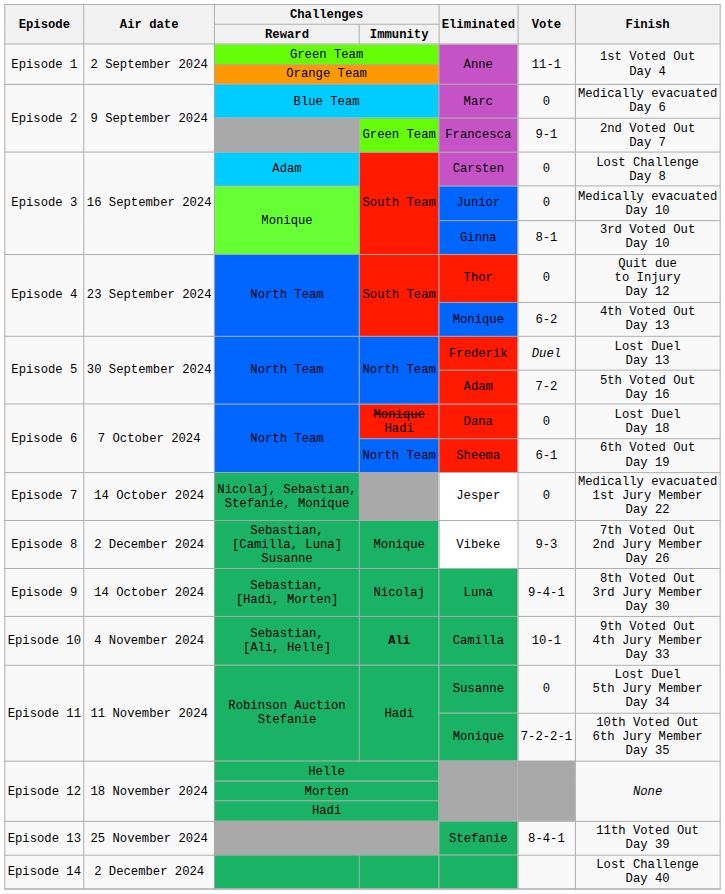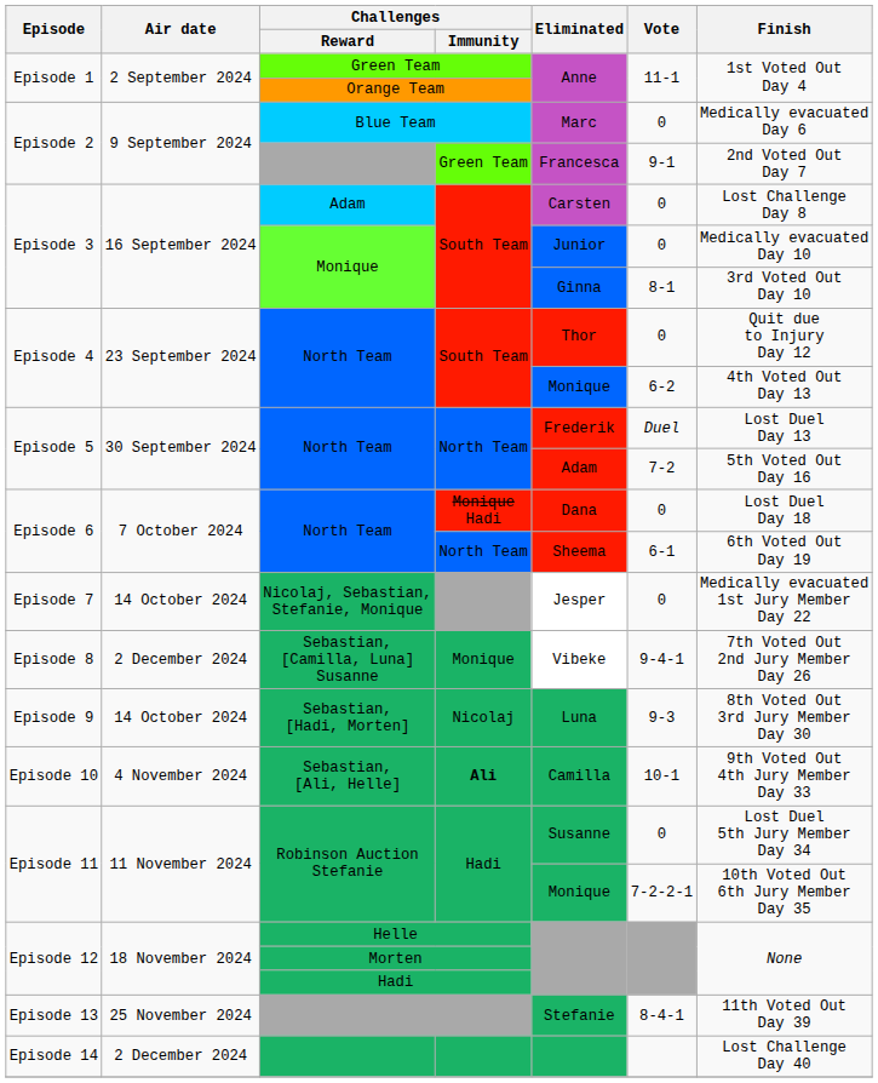 <table class="wikitable" style="margin:auto; text-align:center">
 <tr>
 <th rowspan="2">Episode</th>
 <th rowspan="2">Air date</th>
 <th colspan="2">Challenges</th>
 <th rowspan="2">Eliminated</th>
 <th rowspan="2">Vote</th>
 <th rowspan="2">Finish</th>
 </tr>
 <tr>
 <th>Reward</th>
 <th>Immunity</th>
 </tr>
 <tr>
 <td rowspan="2">Episode 1</td>
 <td rowspan="2">2 September 2024</td>
 <td colspan="2" rowspan="1" bgcolor="#65fe08">Green Team</td>
 <td rowspan="2" bgcolor="#c553c5">Anne</td>
 <td rowspan="2">11-1</td>
 <td rowspan="2">1st Voted Out<br>Day 4</td>
 </tr>
 <tr>
 <td colspan="2" rowspan="1" bgcolor="#ff9900">Orange Team</td>
 </tr>
 <tr>
 <td rowspan="2">Episode 2</td>
 <td rowspan="2">9 September 2024</td>
 <td colspan="2" rowspan="1" bgcolor="#00ccff">Blue Team</td>
 <td rowspan="1" bgcolor="#c553c5">Marc</td>
 <td rowspan="1">0</td>
 <td rowspan="1">Medically evacuated<br>Day 6</td>
 </tr>
 <tr>
 <td rowspan="1" bgcolor="darkgrey"></td>
 <td rowspan="1" bgcolor="#65fe08">Green Team</td>
 <td rowspan="1" bgcolor="#c553c5">Francesca</td>
 <td rowspan="1">9-1</td>
 <td rowspan="1">2nd Voted Out<br>Day 7</td>
 </tr>
 <tr>
 <td rowspan="3">Episode 3</td>
 <td rowspan="3">16 September 2024</td>
 <td rowspan="1" bgcolor="#00ccff">Adam</td>
 <td rowspan="3" bgcolor="#ff1a00">South Team</td>
 <td rowspan="1" bgcolor="#c553c5">Carsten</td>
 <td rowspan="1">0</td>
 <td rowspan="1">Lost Challenge<br>Day 8</td>
 </tr>
 <tr>
 <td rowspan="2" bgcolor="#66ff33">Monique</td>
 <td rowspan="1" bgcolor="#0066ff">Junior</td>
 <td rowspan="1">0</td>
 <td rowspan="1">Medically evacuated<br>Day 10</td>
 </tr>
 <tr>
 <td rowspan="1" bgcolor="#0066ff">Ginna</td>
 <td rowspan="1">8-1</td>
 <td rowspan="1">3rd Voted Out<br>Day 10</td>
 </tr>
 <tr>
 <td rowspan="2">Episode 4</td>
 <td rowspan="2">23 September 2024</td>
 <td rowspan="2" bgcolor="#0066ff">North Team</td>
 <td rowspan="2" bgcolor="#ff1a00">South Team</td>
 <td rowspan="1" bgcolor="#ff1a00">Thor</td>
 <td rowspan="1">0</td>
 <td rowspan="1">Quit due<br>to Injury<br>Day 12</td>
 </tr>
 <tr>
 <td rowspan="1" bgcolor="#0066ff">Monique</td>
 <td rowspan="1">6-2</td>
 <td>4th Voted Out<br>Day 13</td>
 </tr>
 <tr>
 <td rowspan="2">Episode 5</td>
 <td rowspan="2">30 September 2024</td>
 <td rowspan="2" bgcolor="#0066ff">North Team</td>
 <td rowspan="2" bgcolor="#0066ff">North Team</td>
 <td rowspan="1" bgcolor="#ff1a00">Frederik</td>
 <td rowspan="1"><em>Duel</em></td>
 <td rowspan="1">Lost Duel<br>Day 13</td>
 </tr>
 <tr>
 <td rowspan="1" bgcolor="#ff1a00">Adam</td>
 <td rowspan="1">7-2</td>
 <td rowspan="1">5th Voted Out<br>Day 16</td>
 </tr>
 <tr>
 <td rowspan="2">Episode 6</td>
 <td rowspan="2">7 October 2024</td>
 <td rowspan="2" bgcolor="#0066ff">North Team</td>
 <td rowspan="1" bgcolor="#ff1a00"><s>Monique</s><br>Hadi</td>
 <td rowspan="1" bgcolor="#ff1a00">Dana</td>
 <td rowspan="1">0</td>
 <td rowspan="1">Lost Duel<br>Day 18</td>
 </tr>
 <tr>
 <td rowspan="1" bgcolor="#0066ff">North Team</td>
 <td rowspan="1" bgcolor="#ff1a00">Sheema</td>
 <td rowspan="1">6-1</td>
 <td rowspan="1">6th Voted Out<br>Day 19</td>
 </tr>
 <tr>
 <td>Episode 7</td>
 <td>14 October 2024</td>
 <td bgcolor="#1ab366">Nicolaj, Sebastian,<br>Stefanie, Monique</td>
 <td bgcolor="darkgrey"></td>
 <td bgcolor="white">Jesper</td>
 <td>0</td>
 <td>Medically evacuated<br>1st Jury Member<br>Day 22</td>
 </tr>
 <tr>
 <td>Episode 8</td>
 <td>2 December 2024</td>
 <td bgcolor="#1ab366">Sebastian,<br> [Camilla, Luna]<br>Susanne</td>
 <td bgcolor="#1ab366">Monique</td>
 <td bgcolor="white">Vibeke</td>
-<td>9-3</td>
+<td>9-4-1</td>
 <td>7th Voted Out<br>2nd Jury Member<br>Day 26</td>
 </tr>
 <tr>
 <td>Episode 9</td>
 <td>14 October 2024</td>
 <td bgcolor="#1ab366">Sebastian,<br> [Hadi, Morten]</td>
 <td bgcolor="#1ab366">Nicolaj</td>
 <td bgcolor="#1ab366">Luna</td>
-<td>9-4-1</td>
+<td>9-3</td>
 <td>8th Voted Out<br>3rd Jury Member<br>Day 30</td>
 </tr>
 <tr>
 <td>Episode 10</td>
 <td>4 November 2024</td>
 <td bgcolor="#1ab366">Sebastian, <br>[Ali, Helle]</td>
 <td bgcolor="#1ab366"><strong>Ali</strong></td>
 <td bgcolor="#1ab366">Camilla</td>
 <td>10-1</td>
 <td>9th Voted Out<br>4th Jury Member<br>Day 33</td>
 </tr>
 <tr>
 <td rowspan="2">Episode 11</td>
 <td rowspan="2">11 November 2024</td>
 <td rowspan="2" bgcolor="#1ab366">Robinson Auction<br>Stefanie</td>
 <td rowspan="2" bgcolor="#1ab366">Hadi</td>
 <td rowspan="1" bgcolor="#1ab366">Susanne</td>
 <td rowspan="1">0</td>
 <td rowspan="1">Lost Duel<br>5th Jury Member<br>Day 34</td>
 </tr>
 <tr>
 <td rowspan="1" bgcolor="#1ab366">Monique</td>
 <td rowspan="1">7-2-2-1</td>
 <td rowspan="1">10th Voted Out<br>6th Jury Member<br>Day 35</td>
 </tr>
 <tr>
 <td rowspan="3">Episode 12</td>
 <td rowspan="3">18 November 2024</td>
 <td rowspan="1" colspan="2" bgcolor="#1ab366">Helle</td>
 <td rowspan="3" bgcolor="darkgrey"></td>
 <td rowspan="3" bgcolor="darkgrey"></td>
 <td rowspan="3"><em>None</em></td>
 </tr>
 <tr>
 <td rowspan="1" colspan="2" bgcolor="#1ab366">Morten</td>
 </tr>
 <tr>
 <td rowspan="1" colspan="2" bgcolor="#1ab366">Hadi</td>
 </tr>
 <tr>
 <td>Episode 13</td>
 <td>25 November 2024</td>
 <td colspan="2" bgcolor="darkgrey"></td>
 <td bgcolor="#1ab366">Stefanie</td>
 <td>8-4-1</td>
 <td>11th Voted Out<br>Day 39</td>
 </tr>
 <tr>
 <td>Episode 14</td>
 <td>2 December 2024</td>
 <td bgcolor="#1ab366"></td>
 <td bgcolor="#1ab366"></td>
 <td bgcolor="#1ab366"></td>
 <td></td>
 <td>Lost Challenge<br>Day 40</td>
 </tr>
 <tr>
 </tr>
 </table>
